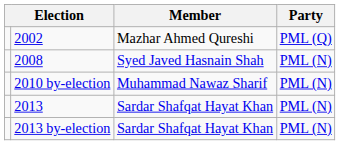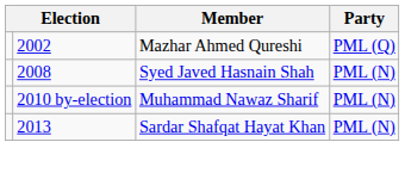 <table class="wikitable">
 <tr>
 <th colspan="2">Election</th>
 <th>Member</th>
 <th>Party</th>
 </tr>
 <tr>
 <td style="background-color: "></td>
 <td><a href='#'>2002</a></td>
 <td>Mazhar Ahmed Qureshi</td>
 <td><a href='#'>PML (Q)</a></td>
 </tr>
 <tr>
 <td style="background-color: "></td>
 <td><a href='#'>2008</a></td>
 <td><a href='#'>Syed Javed Hasnain Shah</a></td>
 <td><a href='#'>PML (N)</a></td>
 </tr>
 <tr>
 <td style="background-color: "></td>
 <td><a href='#'>2010 by-election</a></td>
 <td><a href='#'>Muhammad Nawaz Sharif</a></td>
 <td><a href='#'>PML (N)</a></td>
 </tr>
 <tr>
 <td style="background-color: "></td>
 <td><a href='#'>2013</a></td>
 <td><a href='#'>Sardar Shafqat Hayat Khan</a></td>
 <td><a href='#'>PML (N)</a></td>
 </tr>
-<tr>
-<td style="background-color: "></td>
-<td><a href='#'>2013 by-election</a></td>
-<td><a href='#'>Sardar Shafqat Hayat Khan</a></td>
-<td><a href='#'>PML (N)</a></td>
-</tr>
 </table>
